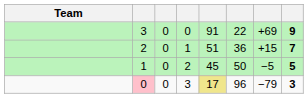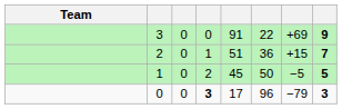 <table class="wikitable" style="text-align:center;">
 <tr>
 <th style="width:11em;">Team</th>
 <th style="width:1.5em;"></th>
 <th style="width:1.5em;"></th>
 <th style="width:1.5em;"></th>
 <th style="width:2.0em;"></th>
 <th style="width:2.0em;"></th>
 <th style="width:2.0em;"></th>
 <th style="width:1.5em;"></th>
 </tr>
 <tr bgcolor=#BBF3BB>
 <td align="left"></td>
 <td>3</td>
 <td>0</td>
 <td>0</td>
 <td>91</td>
 <td>22</td>
 <td>+69</td>
 <td><strong>9</strong></td>
 </tr>
 <tr bgcolor=#BBF3BB>
 <td align="left"></td>
 <td>2</td>
 <td>0</td>
 <td>1</td>
 <td>51</td>
 <td>36</td>
 <td>+15</td>
 <td><strong>7</strong></td>
 </tr>
 <tr bgcolor=#BBF3BB>
 <td align="left"></td>
 <td>1</td>
 <td>0</td>
 <td>2</td>
 <td>45</td>
 <td>50</td>
 <td>−5</td>
 <td><strong>5</strong></td>
 </tr>
 <tr>
 <td align="left"></td>
-<td style="background: pink;">0</td>
 <td>0</td>
-<td>3</td>
-<td style="background: khaki;">17</td>
+<td>0</td>
+<td><strong>3</strong></td>
+<td>17</td>
 <td>96</td>
 <td>−79</td>
 <td><strong>3</strong></td>
 </tr>
 </table>
